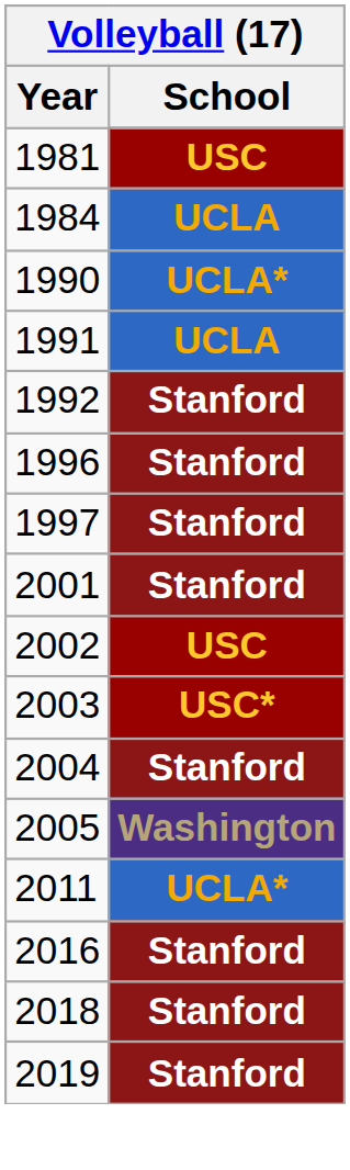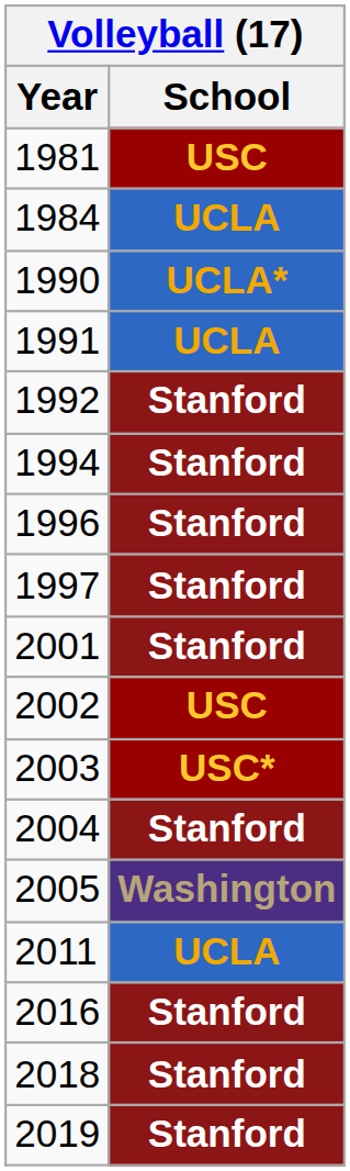 <table class="wikitable">
 <tr>
 <th colspan=2><a href='#'>Volleyball</a> (17)</th>
 </tr>
 <tr>
 <th>Year</th>
 <th>School</th>
 </tr>
 <tr>
 <td>1981</td>
 <th style="background:#990000; color:#FFC72C;">USC</th>
 </tr>
 <tr>
 <td>1984</td>
 <th style="background:#2D68C4; color:#F2A900;">UCLA</th>
 </tr>
 <tr>
 <td>1990</td>
 <th style="background:#2D68C4; color:#F2A900;">UCLA*</th>
 </tr>
 <tr>
 <td>1991</td>
 <th style="background:#2D68C4; color:#F2A900;">UCLA</th>
 </tr>
 <tr>
 <td>1992</td>
+<th style="background:#8C1515; color:#FFFFFF;">Stanford</th>
+</tr>
+<tr>
+<td>1994</td>
 <th style="background:#8C1515; color:#FFFFFF;">Stanford</th>
 </tr>
 <tr>
 <td>1996</td>
 <th style="background:#8C1515; color:#FFFFFF;">Stanford</th>
 </tr>
 <tr>
 <td>1997</td>
 <th style="background:#8C1515; color:#FFFFFF;">Stanford</th>
 </tr>
 <tr>
 <td>2001</td>
 <th style="background:#8C1515; color:#FFFFFF;">Stanford</th>
 </tr>
 <tr>
 <td>2002</td>
 <th style="background:#990000; color:#FFC72C;">USC</th>
 </tr>
 <tr>
 <td>2003</td>
 <th style="background:#990000; color:#FFC72C;">USC*</th>
 </tr>
 <tr>
 <td>2004</td>
 <th style="background:#8C1515; color:#FFFFFF;">Stanford</th>
 </tr>
 <tr>
 <td>2005</td>
 <th style="background:#4B2E83; color:#B7A57A;">Washington</th>
 </tr>
 <tr>
 <td>2011</td>
-<th style="background:#2D68C4; color:#F2A900;">UCLA*</th>
+<th style="background:#2D68C4; color:#F2A900;">UCLA</th>
 </tr>
 <tr>
 <td>2016</td>
 <th style="background:#8C1515; color:#FFFFFF;">Stanford</th>
 </tr>
 <tr>
 <td>2018</td>
 <th style="background:#8C1515; color:#FFFFFF;">Stanford</th>
 </tr>
 <tr>
 <td>2019</td>
 <th style="background:#8C1515; color:#FFFFFF;">Stanford</th>
 </tr>
 </table>
